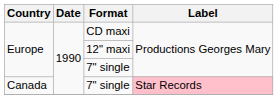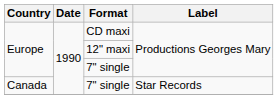 <table class=wikitable>
 <tr>
 <th>Country</th>
 <th>Date</th>
 <th>Format</th>
 <th>Label</th>
 </tr>
 <tr>
 <td rowspan="3">Europe</td>
 <td rowspan="4">1990</td>
 <td>CD maxi</td>
 <td rowspan="3">Productions Georges Mary</td>
 </tr>
 <tr>
 <td>12" maxi</td>
 </tr>
 <tr>
 <td>7" single</td>
 </tr>
 <tr>
 <td>Canada</td>
 <td>7" single</td>
-<td style="background: pink;">Star Records</td>
+<td>Star Records</td>
 </tr>
 <tr>
 </tr>
 </table>
